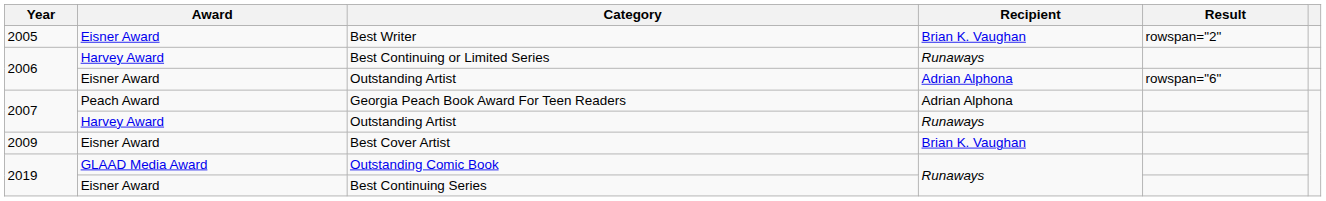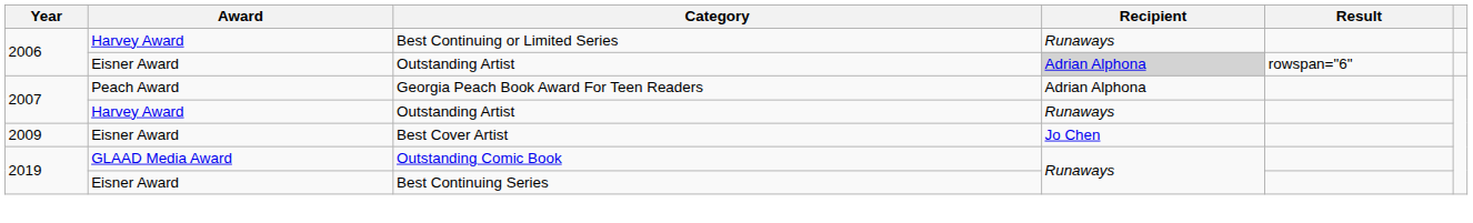 <table class="wikitable sortable" style="width: 99%;">
 <tr>
 <th>Year</th>
 <th>Award</th>
 <th>Category</th>
 <th>Recipient</th>
 <th>Result</th>
 <th scope="col" class="unsortable"></th>
-</tr>
-<tr>
-<td>2005</td>
-<td><a href='#'>Eisner Award</a></td>
-<td>Best Writer</td>
-<td><a href='#'>Brian K. Vaughan</a></td>
-<td>rowspan="2" </td>
-<td style="text-align:center;"></td>
 </tr>
 <tr>
 <td rowspan="2">2006</td>
 <td><a href='#'>Harvey Award</a></td>
 <td>Best Continuing or Limited Series</td>
 <td><em>Runaways</em></td>
 <td style="text-align:center;"></td>
 </tr>
 <tr>
 <td>Eisner Award</td>
 <td>Outstanding Artist</td>
-<td><a href='#'>Adrian Alphona</a></td>
+<td style="background: lightgrey;"><a href='#'>Adrian Alphona</a></td>
 <td>rowspan="6" </td>
 <td style="text-align:center;"></td>
 </tr>
 <tr>
 <td rowspan="2">2007</td>
 <td>Peach Award</td>
 <td>Georgia Peach Book Award For Teen Readers</td>
 <td>Adrian Alphona</td>
 <td style="text-align:center;"></td>
 </tr>
 <tr>
 <td><a href='#'>Harvey Award</a></td>
 <td>Outstanding Artist</td>
 <td><em>Runaways</em></td>
 <td style="text-align:center;"></td>
 </tr>
 <tr>
 <td>2009</td>
 <td>Eisner Award</td>
 <td>Best Cover Artist</td>
-<td><a href='#'>Brian K. Vaughan</a></td>
+<td><a href='#'>Jo Chen</a></td>
 <td style="text-align:center;"></td>
 </tr>
 <tr>
 <td rowspan="2">2019</td>
 <td><a href='#'>GLAAD Media Award</a></td>
 <td><a href='#'>Outstanding Comic Book</a></td>
 <td rowspan="2"><em>Runaways</em></td>
 <td style="text-align:center;"></td>
 </tr>
 <tr>
 <td>Eisner Award</td>
 <td>Best Continuing Series</td>
 <td style="text-align:center;"></td>
 </tr>
 </table>
